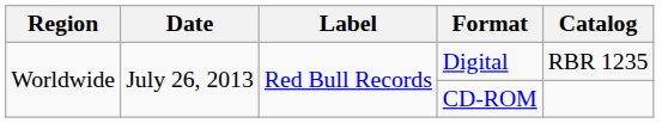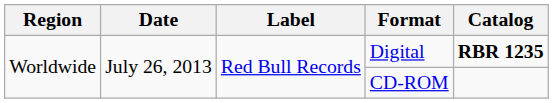 <table class="wikitable">
 <tr>
 <th>Region</th>
 <th>Date</th>
 <th>Label</th>
 <th>Format</th>
 <th>Catalog</th>
 </tr>
 <tr>
 <td rowspan=2>Worldwide</td>
 <td rowspan=2>July 26, 2013</td>
 <td rowspan=2><a href='#'>Red Bull Records</a></td>
 <td><a href='#'>Digital</a></td>
-<td>RBR 1235</td>
+<td><strong>RBR 1235</strong></td>
 </tr>
 <tr>
 <td><a href='#'>CD-ROM</a></td>
 <td></td>
 </tr>
 </table>
